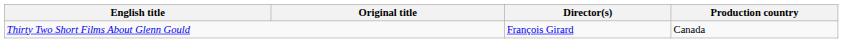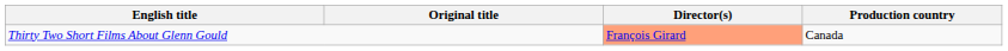 <table class="sortable wikitable" width="100%" cellpadding="5">
 <tr>
 <th scope="col" width="32%">English title</th>
 <th scope="col" width="28%">Original title</th>
 <th scope="col" width="20%">Director(s)</th>
 <th scope="col" width="20%">Production country</th>
 </tr>
 <tr>
 <td colspan=2><em><a href='#'>Thirty Two Short Films About Glenn Gould</a></em></td>
-<td><a href='#'>François Girard</a></td>
+<td style="background: lightsalmon;"><a href='#'>François Girard</a></td>
 <td>Canada</td>
 </tr>
 </table>
